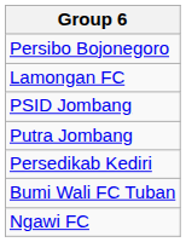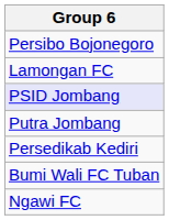 <table class="wikitable">
 <tr>
 <th><strong>Group 6</strong></th>
 </tr>
 <tr>
 <td><a href='#'>Persibo Bojonegoro</a></td>
 </tr>
 <tr>
 <td><a href='#'>Lamongan FC</a></td>
 </tr>
 <tr>
-<td><a href='#'>PSID Jombang</a></td>
+<td style="background: lavender;"><a href='#'>PSID Jombang</a></td>
 </tr>
 <tr>
 <td><a href='#'>Putra Jombang</a></td>
 </tr>
 <tr>
 <td><a href='#'>Persedikab Kediri</a></td>
 </tr>
 <tr>
 <td><a href='#'>Bumi Wali FC Tuban</a></td>
 </tr>
 <tr>
 <td><a href='#'>Ngawi FC</a></td>
 </tr>
 </table>
